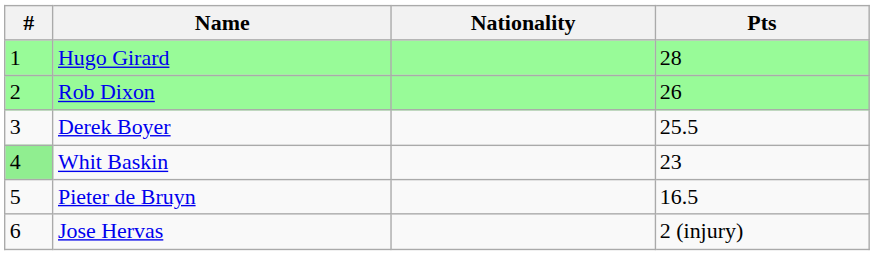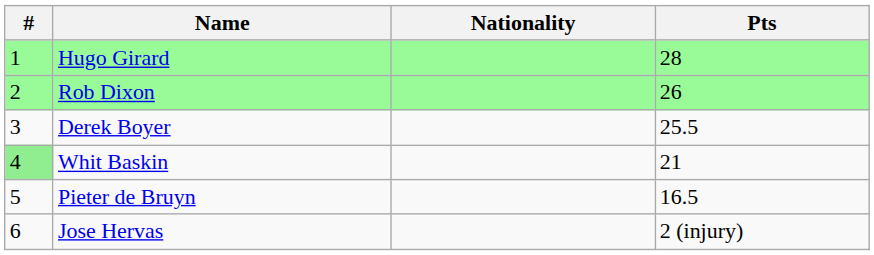 <table class="wikitable" style="display: inline-table; width: 50%;">
 <tr>
 <th>#</th>
 <th>Name</th>
 <th>Nationality</th>
 <th>Pts</th>
 </tr>
 <tr bgcolor=palegreen>
 <td>1</td>
 <td><a href='#'>Hugo Girard</a></td>
 <td></td>
 <td>28</td>
 </tr>
 <tr bgcolor=palegreen>
 <td>2</td>
 <td><a href='#'>Rob Dixon</a></td>
 <td></td>
 <td>26</td>
 </tr>
 <tr>
 <td>3</td>
 <td><a href='#'>Derek Boyer</a></td>
 <td></td>
 <td>25.5</td>
 </tr>
 <tr>
 <td style="background: lightgreen;">4</td>
 <td><a href='#'>Whit Baskin</a></td>
 <td></td>
-<td>23</td>
+<td>21</td>
 </tr>
 <tr>
 <td>5</td>
 <td><a href='#'>Pieter de Bruyn</a></td>
 <td></td>
 <td>16.5</td>
 </tr>
 <tr>
 <td>6</td>
 <td><a href='#'>Jose Hervas</a></td>
 <td></td>
 <td>2 (injury)</td>
 </tr>
 </table>
